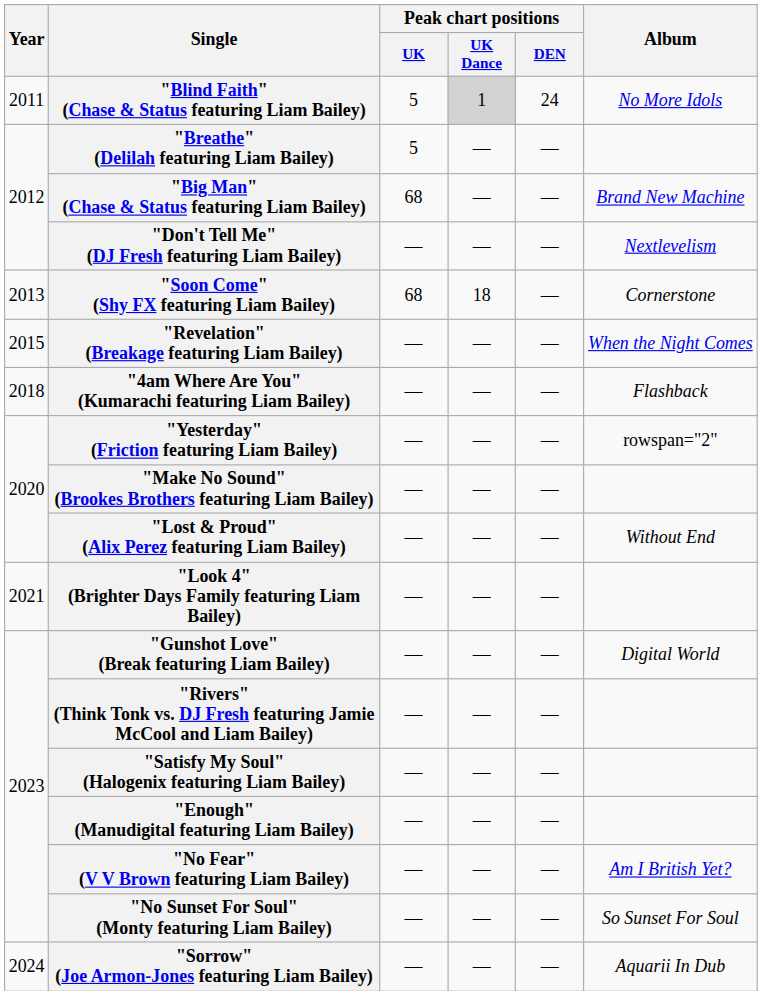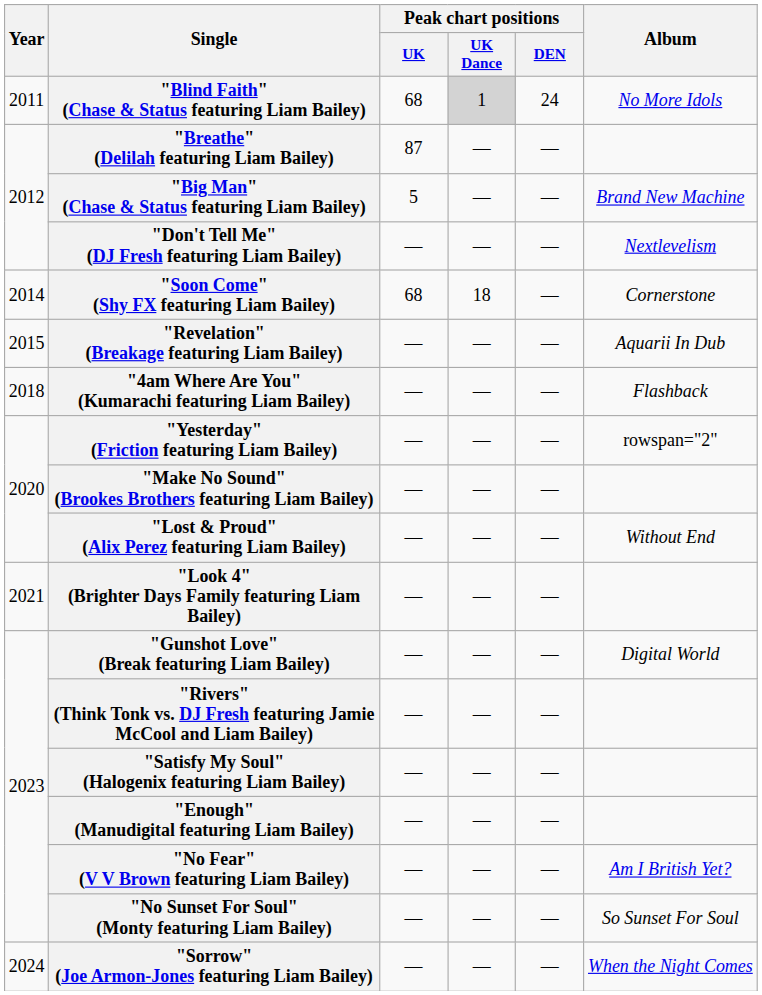 <table class="wikitable plainrowheaders" style="text-align:center;">
 <tr>
 <th scope="col" rowspan="2">Year</th>
 <th scope="col" rowspan="2" style="width:18em;">Single</th>
 <th scope="col" colspan="3">Peak chart positions</th>
 <th scope="col" rowspan="2">Album</th>
 </tr>
 <tr>
 <th scope="col" style="width:4em;font-size:85%;"><a href='#'>UK</a><br></th>
 <th scope="col" style="width:4em;font-size:85%;"><a href='#'>UK<br>Dance</a><br></th>
 <th scope="col" style="width:4em;font-size:85%;"><a href='#'>DEN</a><br></th>
 </tr>
 <tr>
 <td>2011</td>
 <th scope="row">"<a href='#'>Blind Faith</a>"<br><span>(<a href='#'>Chase & Status</a> featuring Liam Bailey)</span></th>
-<td>5</td>
+<td>68</td>
 <td style="background: lightgrey;">1</td>
 <td>24</td>
 <td><em><a href='#'>No More Idols</a></em></td>
 </tr>
 <tr>
 <td rowspan="3">2012</td>
 <th scope="row">"<a href='#'>Breathe</a>"<br><span>(<a href='#'>Delilah</a> featuring Liam Bailey)</span></th>
-<td>5</td>
+<td>87</td>
 <td>—</td>
 <td>—</td>
 <td></td>
 </tr>
 <tr>
 <th scope="row">"<a href='#'>Big Man</a>"<br><span>(<a href='#'>Chase & Status</a> featuring Liam Bailey)</span></th>
-<td>68</td>
+<td>5</td>
 <td>—</td>
 <td>—</td>
 <td><em><a href='#'>Brand New Machine</a></em></td>
 </tr>
 <tr>
 <th scope="row">"Don't Tell Me"<br><span>(<a href='#'>DJ Fresh</a> featuring Liam Bailey)</span></th>
 <td>—</td>
 <td>—</td>
 <td>—</td>
 <td><em><a href='#'>Nextlevelism</a></em></td>
 </tr>
 <tr>
-<td>2013</td>
+<td>2014</td>
 <th scope="row">"<a href='#'>Soon Come</a>"<br><span>(<a href='#'>Shy FX</a> featuring Liam Bailey)</span></th>
 <td>68</td>
 <td>18</td>
 <td>—</td>
 <td><em>Cornerstone</em></td>
 </tr>
 <tr>
 <td>2015</td>
 <th scope="row">"Revelation"<br><span>(<a href='#'>Breakage</a> featuring Liam Bailey)</span></th>
 <td>—</td>
 <td>—</td>
 <td>—</td>
-<td><em><a href='#'>When the Night Comes</a></em></td>
+<td><em>Aquarii In Dub</em></td>
 </tr>
 <tr>
 <td>2018</td>
 <th scope="row">"4am Where Are You"<br><span>(Kumarachi featuring Liam Bailey)</span></th>
 <td>—</td>
 <td>—</td>
 <td>—</td>
 <td><em>Flashback</em></td>
 </tr>
 <tr>
 <td rowspan="3">2020</td>
 <th scope="row">"Yesterday"<br><span>(<a href='#'>Friction</a> featuring Liam Bailey)</span></th>
 <td>—</td>
 <td>—</td>
 <td>—</td>
 <td>rowspan="2" </td>
 </tr>
 <tr>
 <th scope="row">"Make No Sound"<br><span>(<a href='#'>Brookes Brothers</a> featuring Liam Bailey)</span></th>
 <td>—</td>
 <td>—</td>
 <td>—</td>
 </tr>
 <tr>
 <th scope="row">"Lost & Proud"<br><span>(<a href='#'>Alix Perez</a> featuring Liam Bailey)</span></th>
 <td>—</td>
 <td>—</td>
 <td>—</td>
 <td><em>Without End</em></td>
 </tr>
 <tr>
 <td>2021</td>
 <th scope="row">"Look 4"<br><span>(Brighter Days Family featuring Liam Bailey)</span></th>
 <td>—</td>
 <td>—</td>
 <td>—</td>
 <td></td>
 </tr>
 <tr>
 <td rowspan="6">2023</td>
 <th scope="row">"Gunshot Love"<br><span>(Break featuring Liam Bailey)</span></th>
 <td>—</td>
 <td>—</td>
 <td>—</td>
 <td><em>Digital World</em></td>
 </tr>
 <tr>
 <th scope="row">"Rivers"<br><span>(Think Tonk vs. <a href='#'>DJ Fresh</a> featuring Jamie McCool and Liam Bailey)</span></th>
 <td>—</td>
 <td>—</td>
 <td>—</td>
 <td></td>
 </tr>
 <tr>
 <th scope="row">"Satisfy My Soul"<br><span>(Halogenix featuring Liam Bailey)</span></th>
 <td>—</td>
 <td>—</td>
 <td>—</td>
 <td></td>
 </tr>
 <tr>
 <th scope="row">"Enough"<br><span>(Manudigital featuring Liam Bailey)</span></th>
 <td>—</td>
 <td>—</td>
 <td>—</td>
 <td></td>
 </tr>
 <tr>
 <th scope="row">"No Fear"<br><span>(<a href='#'>V V Brown</a> featuring Liam Bailey)</span></th>
 <td>—</td>
 <td>—</td>
 <td>—</td>
 <td><em><a href='#'>Am I British Yet?</a></em></td>
 </tr>
 <tr>
 <th scope="row">"No Sunset For Soul"<br><span>(Monty featuring Liam Bailey)</span></th>
 <td>—</td>
 <td>—</td>
 <td>—</td>
 <td><em>So Sunset For Soul</em></td>
 </tr>
 <tr>
 <td>2024</td>
 <th scope="row">"Sorrow"<br><span>(<a href='#'>Joe Armon-Jones</a> featuring Liam Bailey)</span></th>
 <td>—</td>
 <td>—</td>
 <td>—</td>
-<td><em>Aquarii In Dub</em></td>
+<td><em><a href='#'>When the Night Comes</a></em></td>
 </tr>
 </table>
